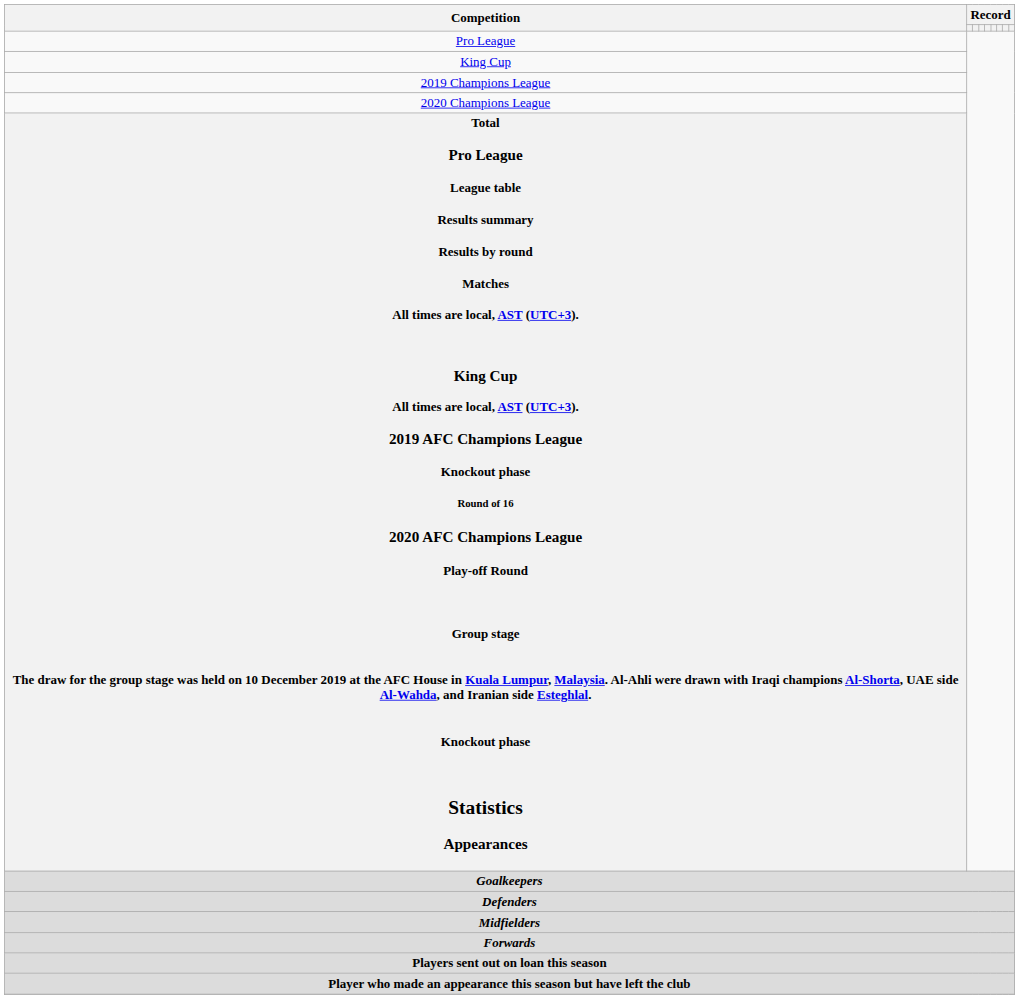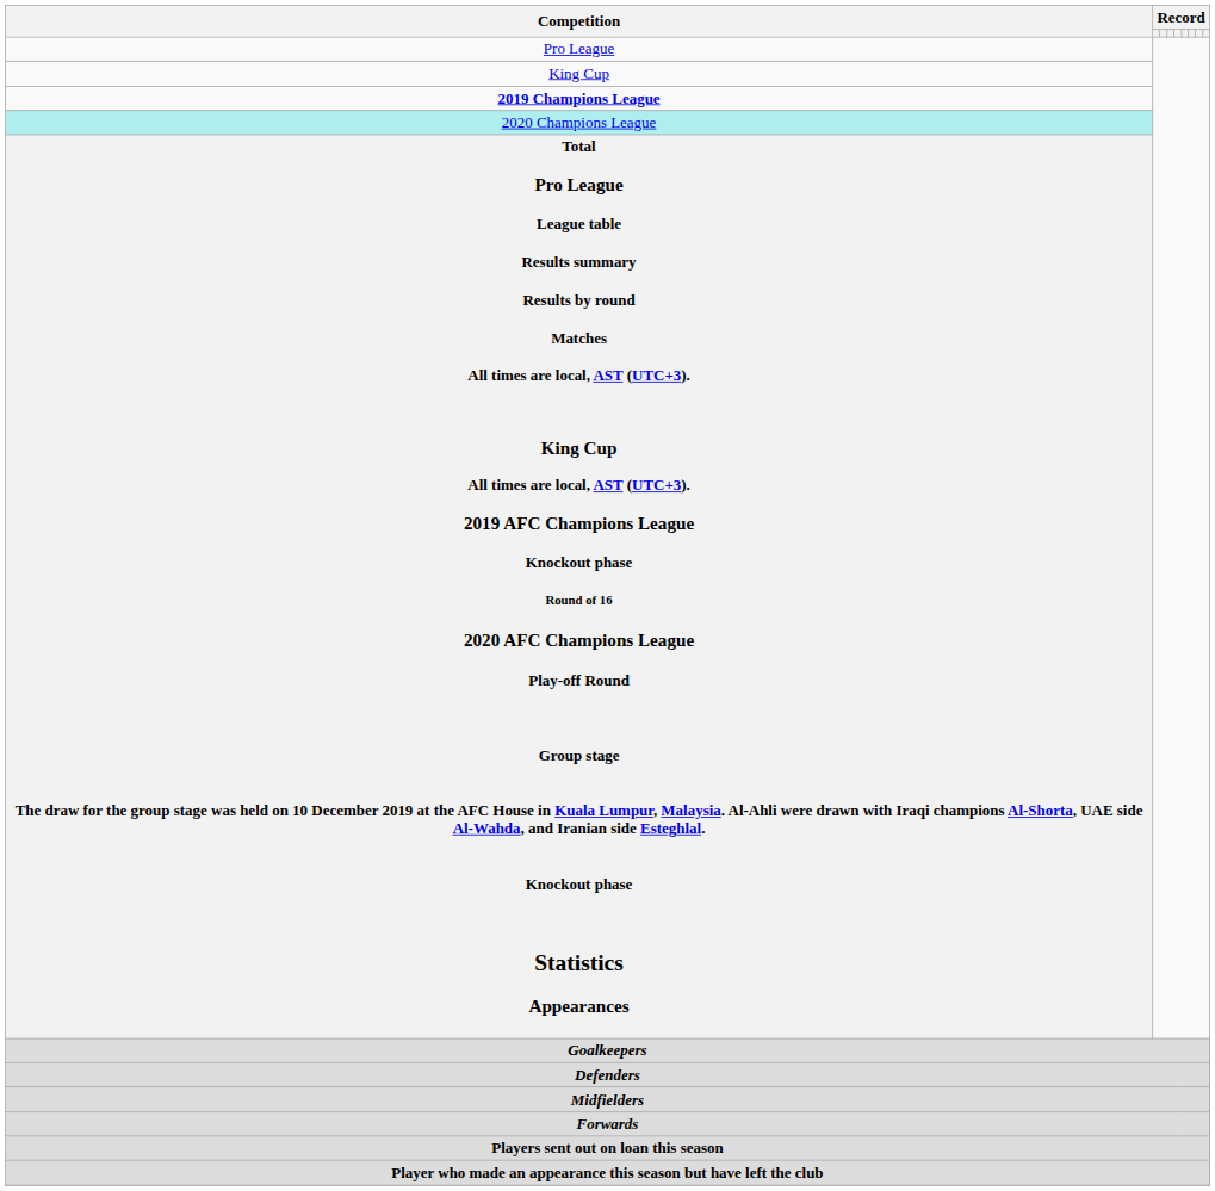 <table class="wikitable" style="text-align: center">
 <tr>
 <th rowspan=2>Competition</th>
 <th colspan=8>Record</th>
 </tr>
 <tr>
 <th></th>
 <th></th>
 <th></th>
 <th></th>
 <th></th>
 <th></th>
 <th></th>
 <th></th>
 </tr>
 <tr>
 <td><a href='#'>Pro League</a><br></td>
 </tr>
 <tr>
 <td><a href='#'>King Cup</a><br></td>
 </tr>
 <tr>
-<td><a href='#'>2019 Champions League</a><br></td>
+<td><strong><a href='#'>2019 Champions League</a><br></strong></td>
 </tr>
 <tr>
-<td><a href='#'>2020 Champions League</a><br></td>
+<td style="background: paleturquoise;"><a href='#'>2020 Champions League</a><br></td>
 </tr>
 <tr>
 <th>Total<br> <h3>Pro League</h3><h4>League table</h4><h4>Results summary</h4> <h4>Results by round</h4><h4>Matches</h4>All times are local, <a href='#'>AST</a> (<a href='#'>UTC+3</a>).<br>   <br>                             <br><h3>King Cup</h3> All times are local, <a href='#'>AST</a> (<a href='#'>UTC+3</a>).<br>   <h3>2019 AFC Champions League</h3><h4>Knockout phase</h4><h5>Round of 16</h5> <h3>2020 AFC Champions League</h3><h4>Play-off Round</h4><br><h4>Group stage</h4><br>The draw for the group stage was held on 10 December 2019 at the AFC House in <a href='#'>Kuala Lumpur</a>, <a href='#'>Malaysia</a>. Al-Ahli were drawn with Iraqi champions <a href='#'>Al-Shorta</a>, UAE side <a href='#'>Al-Wahda</a>, and Iranian side <a href='#'>Esteghlal</a>. <br>     <br><h4>Knockout phase</h4><br> <h2>Statistics</h2><h3>Appearances</h3></th>
 </tr>
 <tr>
 <th colspan=18 style=background:#dcdcdc; text-align:center><em>Goalkeepers</em><br>   </th>
 </tr>
 <tr>
 <th colspan=18 style=background:#dcdcdc; text-align:center><em>Defenders</em><br>            </th>
 </tr>
 <tr>
 <th colspan=18 style=background:#dcdcdc; text-align:center><em>Midfielders</em><br>            </th>
 </tr>
 <tr>
 <th colspan=18 style=background:#dcdcdc; text-align:center><em>Forwards</em><br>    </th>
 </tr>
 <tr>
 <th colspan=18 style=background:#dcdcdc; text-align:center>Players sent out on loan this season<br> </th>
 </tr>
 <tr>
 <th colspan=14 style=background:#dcdcdc; text-align:center>Player who made an appearance this season but have left the club<br>     </th>
 </tr>
 <tr>
 </tr>
 </table>
